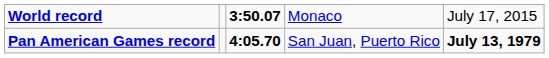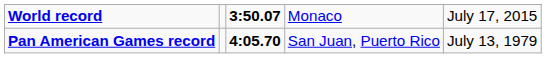 <table class="wikitable">
 <tr>
 <td><strong><a href='#'>World record</a></strong></td>
 <td></td>
 <td><strong>3:50.07</strong></td>
 <td><a href='#'>Monaco</a></td>
 <td>July 17, 2015</td>
 </tr>
 <tr>
 <td><strong><a href='#'>Pan American Games record</a></strong></td>
 <td></td>
 <td><strong>4:05.70</strong></td>
 <td><a href='#'>San Juan</a>, <a href='#'>Puerto Rico</a></td>
-<td><strong>July 13, 1979</strong></td>
+<td>July 13, 1979</td>
 </tr>
 </table>
